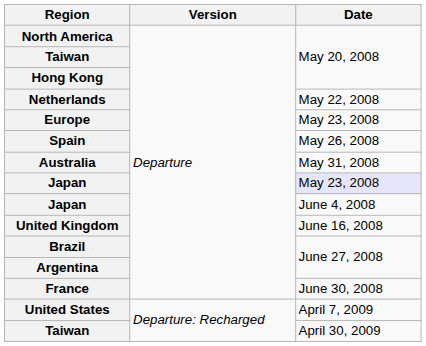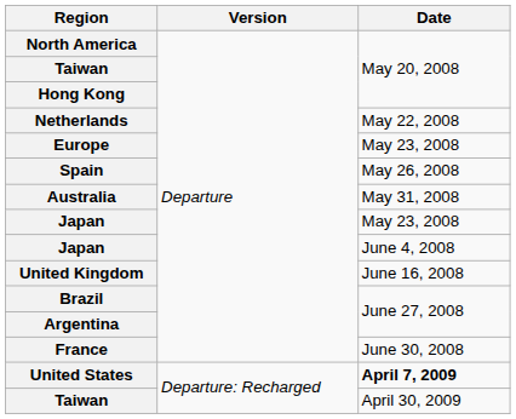 <table class="wikitable plainrowheaders">
 <tr>
 <th scope="col" style="width:9em;">Region</th>
 <th scope="col" style="width:12em;">Version</th>
 <th scope="col" style="width:9em;">Date</th>
 </tr>
 <tr>
 <th scope="row">North America</th>
 <td rowspan=13><em>Departure</em></td>
 <td rowspan=3>May 20, 2008</td>
 </tr>
 <tr>
 <th scope="row">Taiwan</th>
 </tr>
 <tr>
 <th scope="row">Hong Kong</th>
 </tr>
 <tr>
 <th scope="row">Netherlands</th>
 <td>May 22, 2008</td>
 </tr>
 <tr>
 <th scope="row">Europe</th>
 <td>May 23, 2008</td>
 </tr>
 <tr>
 <th scope="row">Spain</th>
 <td>May 26, 2008</td>
 </tr>
 <tr>
 <th scope="row">Australia</th>
 <td>May 31, 2008</td>
 </tr>
 <tr>
 <th scope="row">Japan</th>
-<td style="background: lavender;">May 23, 2008</td>
+<td>May 23, 2008</td>
 </tr>
 <tr>
 <th scope="row">Japan</th>
 <td>June 4, 2008</td>
 </tr>
 <tr>
 <th scope="row">United Kingdom</th>
 <td>June 16, 2008</td>
 </tr>
 <tr>
 <th scope="row">Brazil</th>
 <td rowspan="2">June 27, 2008</td>
 </tr>
 <tr>
 <th scope="row">Argentina</th>
 </tr>
 <tr>
 <th scope="row">France</th>
 <td>June 30, 2008</td>
 </tr>
 <tr>
 <th scope="row">United States</th>
 <td rowspan=2><em>Departure: Recharged</em></td>
-<td>April 7, 2009</td>
+<td><strong>April 7, 2009</strong></td>
 </tr>
 <tr>
 <th scope="row">Taiwan</th>
 <td>April 30, 2009</td>
 </tr>
 </table>
